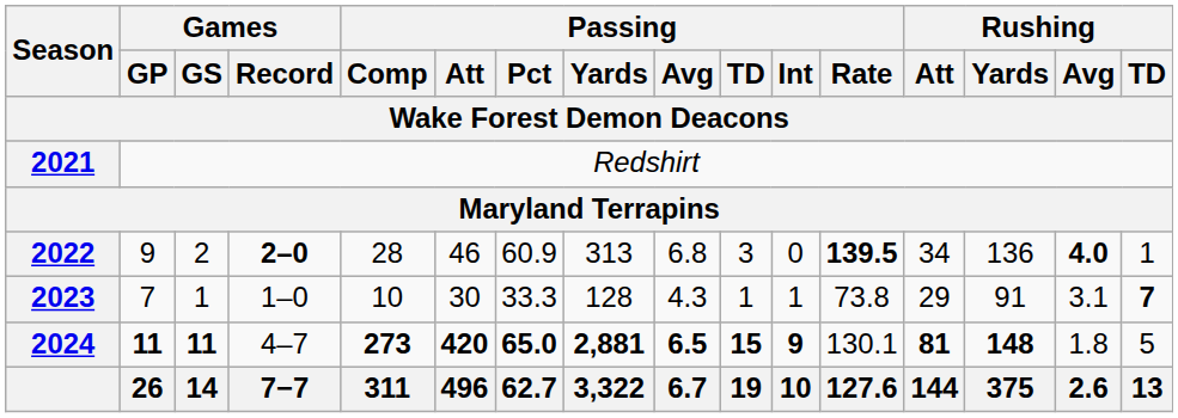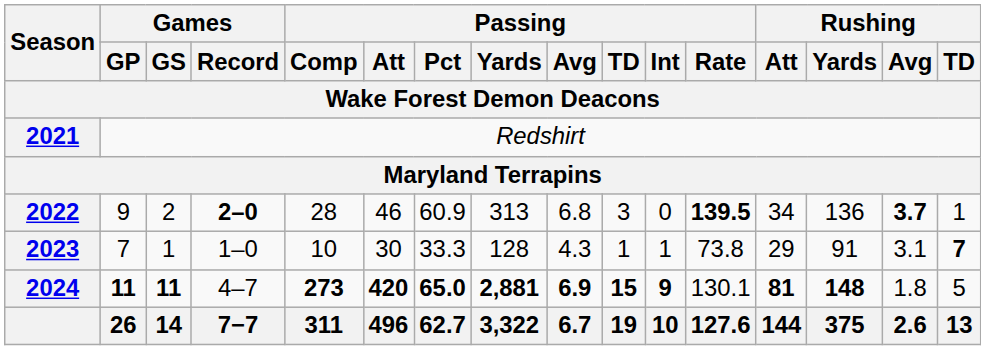 <table class="wikitable" style="text-align:center;">
 <tr>
 <th rowspan="2">Season</th>
 <th colspan="3">Games</th>
 <th colspan="8">Passing</th>
 <th colspan="4">Rushing</th>
 </tr>
 <tr>
 <th>GP</th>
 <th>GS</th>
 <th>Record</th>
 <th>Comp</th>
 <th>Att</th>
 <th>Pct</th>
 <th>Yards</th>
 <th>Avg</th>
 <th>TD</th>
 <th>Int</th>
 <th>Rate</th>
 <th>Att</th>
 <th>Yards</th>
 <th>Avg</th>
 <th>TD</th>
 </tr>
 <tr>
 <th colspan="16">Wake Forest Demon Deacons</th>
 </tr>
 <tr>
 <th><a href='#'>2021</a></th>
 <td colspan="16"><em>Redshirt </em></td>
 </tr>
 <tr>
 <th colspan="16">Maryland Terrapins</th>
 </tr>
 <tr>
 <th><a href='#'>2022</a></th>
 <td>9</td>
 <td>2</td>
 <td><strong>2–0</strong></td>
 <td>28</td>
 <td>46</td>
 <td>60.9</td>
 <td>313</td>
 <td>6.8</td>
 <td>3</td>
 <td>0</td>
 <td><strong>139.5</strong></td>
 <td>34</td>
 <td>136</td>
-<td><strong>4.0</strong></td>
+<td><strong>3.7</strong></td>
 <td>1</td>
 </tr>
 <tr>
 <th><a href='#'>2023</a></th>
 <td>7</td>
 <td>1</td>
 <td>1–0</td>
 <td>10</td>
 <td>30</td>
 <td>33.3</td>
 <td>128</td>
 <td>4.3</td>
 <td>1</td>
 <td>1</td>
 <td>73.8</td>
 <td>29</td>
 <td>91</td>
 <td>3.1</td>
 <td><strong>7</strong></td>
 </tr>
 <tr>
 <th><a href='#'>2024</a></th>
 <td><strong>11</strong></td>
 <td><strong>11</strong></td>
 <td>4–7</td>
 <td><strong>273</strong></td>
 <td><strong>420</strong></td>
 <td><strong>65.0</strong></td>
 <td><strong>2,881</strong></td>
-<td><strong>6.5</strong></td>
+<td><strong>6.9</strong></td>
 <td><strong>15</strong></td>
 <td><strong>9</strong></td>
 <td>130.1</td>
 <td><strong>81</strong></td>
 <td><strong>148</strong></td>
 <td>1.8</td>
 <td>5</td>
 </tr>
 <tr>
 <th></th>
 <th>26</th>
 <th>14</th>
 <th>7−7</th>
 <th>311</th>
 <th>496</th>
 <th>62.7</th>
 <th>3,322</th>
 <th>6.7</th>
 <th>19</th>
 <th>10</th>
 <th>127.6</th>
 <th>144</th>
 <th>375</th>
 <th>2.6</th>
 <th>13</th>
 </tr>
 </table>
